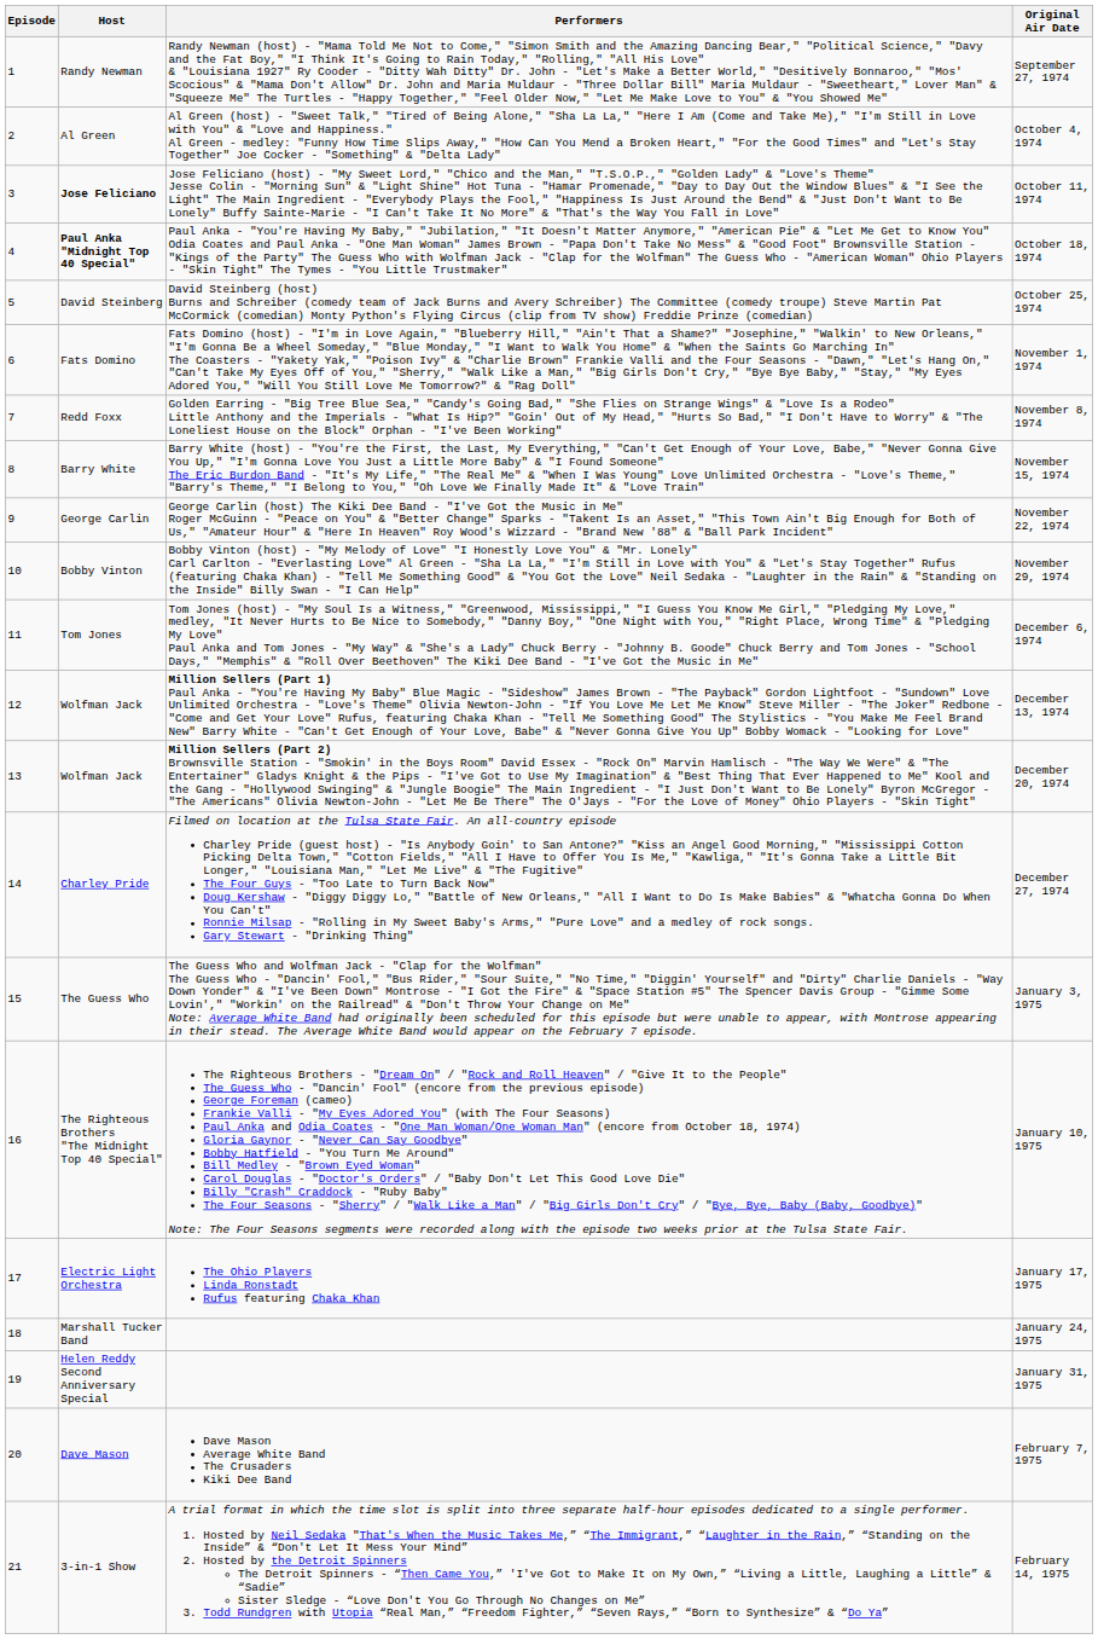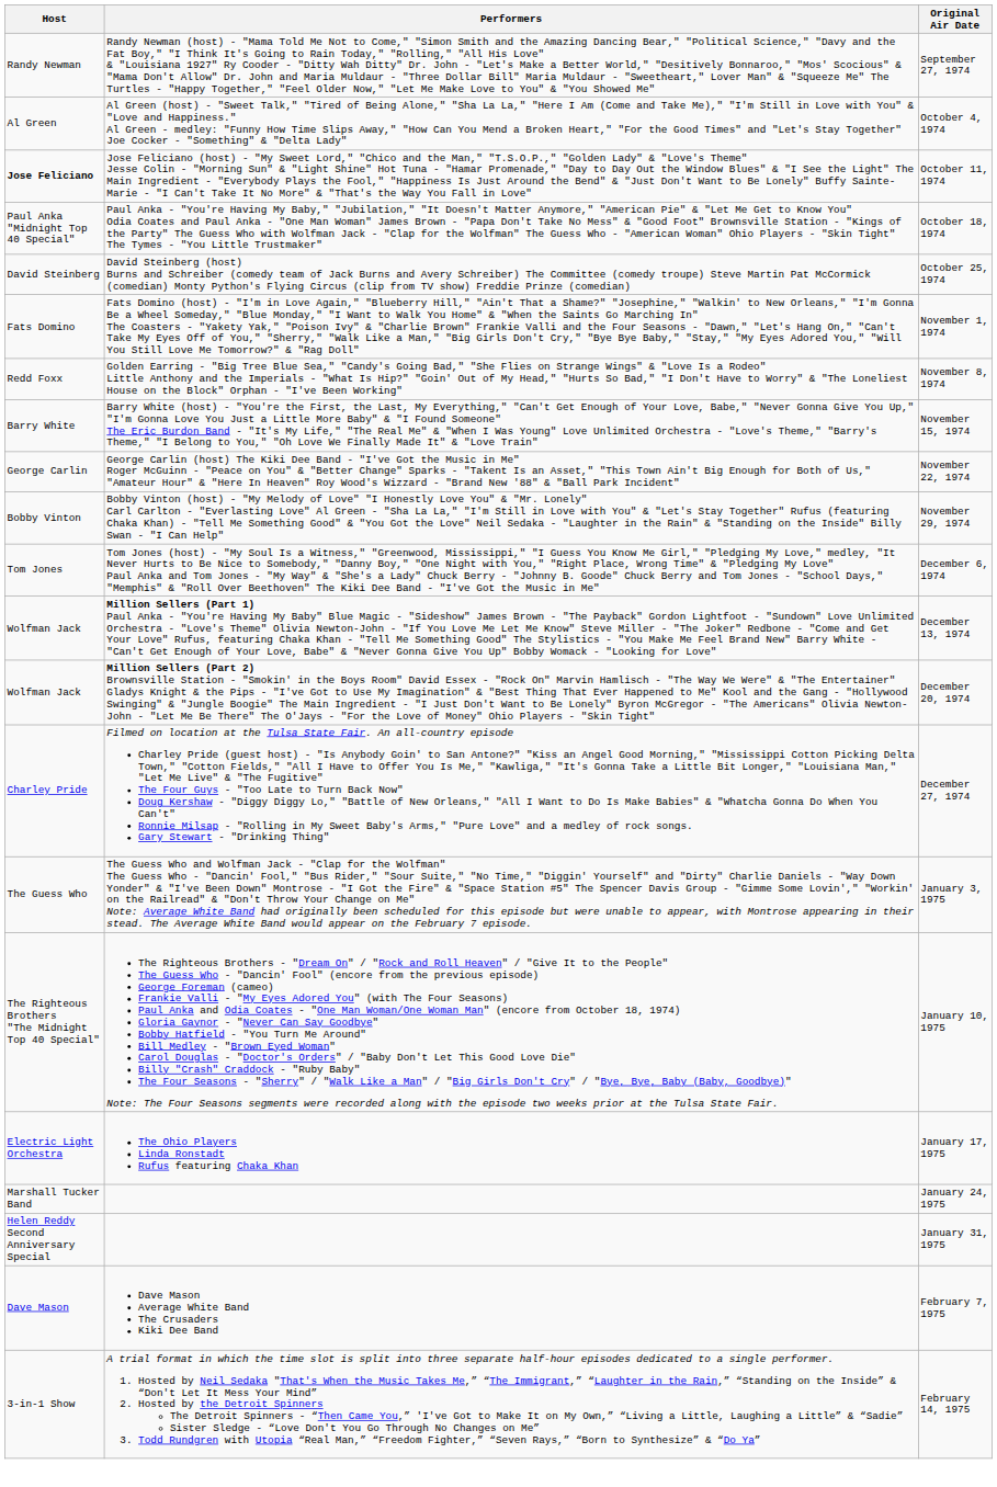 <table class="wikitable">
 <tr>
-<th>Episode</th>
 <th>Host</th>
 <th>Performers</th>
 <th>Original Air Date</th>
 </tr>
 <tr>
-<td>1</td>
 <td>Randy Newman</td>
 <td>Randy Newman (host) - "Mama Told Me Not to Come," "Simon Smith and the Amazing Dancing Bear," "Political Science," "Davy and the Fat Boy," "I Think It's Going to Rain Today," "Rolling," "All His Love"<br>& "Louisiana 1927"  Ry Cooder - "Ditty Wah Ditty" Dr. John - "Let's Make a Better World," "Desitively Bonnaroo," "Mos' Scocious" & "Mama Don't Allow"  Dr. John and Maria Muldaur - "Three Dollar Bill"  Maria Muldaur - "Sweetheart," Lover Man" & "Squeeze Me"  The Turtles - "Happy Together," "Feel Older Now," "Let Me Make Love to You" & "You Showed Me"</td>
 <td>September 27, 1974</td>
 </tr>
 <tr>
-<td>2</td>
 <td>Al Green</td>
 <td>Al Green (host) - "Sweet Talk," "Tired of Being Alone," "Sha La La," "Here I Am (Come and Take Me)," "I'm Still in Love with You" & "Love and Happiness."<br>Al Green - medley: "Funny How Time Slips Away," "How Can You Mend a Broken Heart," "For the Good Times" and "Let's Stay Together"  Joe Cocker - "Something" & "Delta Lady"</td>
 <td>October 4, 1974</td>
 </tr>
 <tr>
-<td>3</td>
 <td><strong>Jose Feliciano</strong></td>
 <td>Jose Feliciano (host) - "My Sweet Lord," "Chico and the Man," "T.S.O.P.," "Golden Lady" & "Love's Theme"<br>Jesse Colin - "Morning Sun" & "Light Shine"  Hot Tuna - "Hamar Promenade," "Day to Day Out the Window Blues" & "I See the Light"  The Main Ingredient - "Everybody Plays the Fool," "Happiness Is Just Around the Bend" & "Just Don't Want to Be Lonely"  Buffy Sainte-Marie - "I Can't Take It No More" & "That's the Way You Fall in Love"</td>
 <td>October 11, 1974</td>
 </tr>
 <tr>
-<td>4</td>
-<td><strong>Paul Anka<br>"Midnight Top 40 Special"</strong></td>
+<td>Paul Anka<br>"Midnight Top 40 Special"</td>
 <td>Paul Anka - "You're Having My Baby," "Jubilation," "It Doesn't Matter Anymore," "American Pie" & "Let Me Get to Know You"<br>Odia Coates and Paul Anka - "One Man Woman"  James Brown - "Papa Don't Take No Mess" & "Good Foot"  Brownsville Station - "Kings of the Party"  The Guess Who with Wolfman Jack - "Clap for the Wolfman"  The Guess Who - "American Woman"  Ohio Players - "Skin Tight"  The Tymes - "You Little Trustmaker"</td>
 <td>October 18, 1974</td>
 </tr>
 <tr>
-<td>5</td>
 <td>David Steinberg</td>
 <td>David Steinberg (host)<br>Burns and Schreiber (comedy team of Jack Burns and Avery Schreiber)  The Committee (comedy troupe)  Steve Martin  Pat McCormick (comedian)  Monty Python's Flying Circus (clip from TV show)  Freddie Prinze (comedian)</td>
 <td>October 25, 1974</td>
 </tr>
 <tr>
-<td>6</td>
 <td>Fats Domino</td>
 <td>Fats Domino (host) - "I'm in Love Again," "Blueberry Hill," "Ain't That a Shame?" "Josephine," "Walkin' to New Orleans," "I'm Gonna Be a Wheel Someday," "Blue Monday," "I Want to Walk You Home" & "When the Saints Go Marching In"<br>The Coasters - "Yakety Yak," "Poison Ivy" & "Charlie Brown"  Frankie Valli and the Four Seasons - "Dawn," "Let's Hang On," "Can't Take My Eyes Off of You," "Sherry," "Walk Like a Man," "Big Girls Don't Cry," "Bye Bye Baby," "Stay," "My Eyes Adored You," "Will You Still Love Me Tomorrow?" & "Rag Doll"</td>
 <td>November 1, 1974</td>
 </tr>
 <tr>
-<td>7</td>
 <td>Redd Foxx</td>
 <td>Golden Earring - "Big Tree Blue Sea," "Candy's Going Bad," "She Flies on Strange Wings" & "Love Is a Rodeo"<br>Little Anthony and the Imperials - "What Is Hip?" "Goin' Out of My Head," "Hurts So Bad," "I Don't Have to Worry" & "The Loneliest House on the Block"  Orphan - "I've Been Working"</td>
 <td>November 8, 1974</td>
 </tr>
 <tr>
-<td>8</td>
 <td>Barry White</td>
 <td>Barry White (host) - "You're the First, the Last, My Everything," "Can't Get Enough of Your Love, Babe," "Never Gonna Give You Up," "I'm Gonna Love You Just a Little More Baby" & "I Found Someone"<br><a href='#'>The Eric Burdon Band</a> - "It's My Life," "The Real Me" & "When I Was Young"  Love Unlimited Orchestra - "Love's Theme," "Barry's Theme," "I Belong to You," "Oh Love We Finally Made It" & "Love Train"</td>
 <td>November 15, 1974</td>
 </tr>
 <tr>
-<td>9</td>
 <td>George Carlin</td>
 <td>George Carlin (host) The Kiki Dee Band - "I've Got the Music in Me"<br>Roger McGuinn - "Peace on You" & "Better Change"  Sparks - "Takent Is an Asset," "This Town Ain't Big Enough for Both of Us," "Amateur Hour" & "Here In Heaven"  Roy Wood's Wizzard - "Brand New '88" & "Ball Park Incident"</td>
 <td>November 22, 1974</td>
 </tr>
 <tr>
-<td>10</td>
 <td>Bobby Vinton</td>
 <td>Bobby Vinton (host) - "My Melody of Love" "I Honestly Love You" & "Mr. Lonely"<br>Carl Carlton - "Everlasting Love"  Al Green - "Sha La La," "I'm Still in Love with You" & "Let's Stay Together"  Rufus (featuring Chaka Khan) - "Tell Me Something Good" & "You Got the Love"  Neil Sedaka - "Laughter in the Rain" & "Standing on the Inside"  Billy Swan - "I Can Help"</td>
 <td>November 29, 1974</td>
 </tr>
 <tr>
-<td>11</td>
 <td>Tom Jones</td>
 <td>Tom Jones (host) - "My Soul Is a Witness," "Greenwood, Mississippi," "I Guess You Know Me Girl," "Pledging My Love," medley, "It Never Hurts to Be Nice to Somebody," "Danny Boy," "One Night with You," "Right Place, Wrong Time" & "Pledging My Love"<br>Paul Anka and Tom Jones - "My Way" & "She's a Lady"  Chuck Berry - "Johnny B. Goode"  Chuck Berry and Tom Jones - "School Days," "Memphis" & "Roll Over Beethoven"  The Kiki Dee Band - "I've Got the Music in Me"</td>
 <td>December 6, 1974</td>
 </tr>
 <tr>
-<td>12</td>
 <td>Wolfman Jack</td>
 <td><strong>Million Sellers (Part 1)</strong><br>Paul Anka - "You're Having My Baby"  Blue Magic - "Sideshow"  James Brown - "The Payback"  Gordon Lightfoot - "Sundown"  Love Unlimited Orchestra - "Love's Theme"  Olivia Newton-John - "If You Love Me Let Me Know"  Steve Miller - "The Joker"  Redbone - "Come and Get Your Love"  Rufus, featuring Chaka Khan - "Tell Me Something Good"  The Stylistics - "You Make Me Feel Brand New"  Barry White - "Can't Get Enough of Your Love, Babe" & "Never Gonna Give You Up"  Bobby Womack - "Looking for Love"</td>
 <td>December 13, 1974</td>
 </tr>
 <tr>
-<td>13</td>
 <td>Wolfman Jack</td>
 <td><strong>Million Sellers (Part 2)</strong><br>Brownsville Station - "Smokin' in the Boys Room"  David Essex - "Rock On"  Marvin Hamlisch - "The Way We Were" & "The Entertainer"  Gladys Knight & the Pips - "I've Got to Use My Imagination" & "Best Thing That Ever Happened to Me"  Kool and the Gang - "Hollywood Swinging" & "Jungle Boogie"  The Main Ingredient - "I Just Don't Want to Be Lonely"  Byron McGregor - "The Americans"  Olivia Newton-John - "Let Me Be There"  The O'Jays - "For the Love of Money"  Ohio Players - "Skin Tight"</td>
 <td>December 20, 1974</td>
 </tr>
 <tr>
-<td>14</td>
 <td><a href='#'>Charley Pride</a></td>
 <td><em>Filmed on location at the <a href='#'>Tulsa State Fair</a>. An all-country episode</em><br><ul><li>Charley Pride (guest host) - "Is Anybody Goin' to San Antone?" "Kiss an Angel Good Morning," "Mississippi Cotton Picking Delta Town," "Cotton Fields," "All I Have to Offer You Is Me," "Kawliga," "It's Gonna Take a Little Bit Longer," "Louisiana Man," "Let Me Live" & "The Fugitive"</li><li><a href='#'>The Four Guys</a> - "Too Late to Turn Back Now"</li><li><a href='#'>Doug Kershaw</a> - "Diggy Diggy Lo," "Battle of New Orleans," "All I Want to Do Is Make Babies" & "Whatcha Gonna Do When You Can't"</li><li><a href='#'>Ronnie Milsap</a> - "Rolling in My Sweet Baby's Arms," "Pure Love" and a medley of rock songs.</li><li><a href='#'>Gary Stewart</a> - "Drinking Thing"</li></ul></td>
 <td>December 27, 1974</td>
 </tr>
 <tr>
-<td>15</td>
 <td>The Guess Who</td>
 <td>The Guess Who and Wolfman Jack - "Clap for the Wolfman"<br>The Guess Who - "Dancin' Fool," "Bus Rider," "Sour Suite," "No Time," "Diggin' Yourself" and "Dirty"  Charlie Daniels - "Way Down Yonder" & "I've Been Down"  Montrose - "I Got the Fire" & "Space Station #5"  The Spencer Davis Group - "Gimme Some Lovin'," "Workin' on the Railread" & "Don't Throw Your Change on Me"<br><em>Note: <a href='#'>Average White Band</a> had originally been scheduled for this episode but were unable to appear, with Montrose appearing in their stead. The Average White Band would appear on the February 7 episode.</em></td>
 <td>January 3, 1975</td>
 </tr>
 <tr>
-<td>16</td>
 <td>The Righteous Brothers<br>"The Midnight Top 40 Special"</td>
 <td><br><ul><li>The Righteous Brothers - "<a href='#'>Dream On</a>" / "<a href='#'>Rock and Roll Heaven</a>" / "Give It to the People"</li><li><a href='#'>The Guess Who</a> - "Dancin' Fool" (encore from the previous episode)</li><li><a href='#'>George Foreman</a> (cameo)</li><li><a href='#'>Frankie Valli</a> - "<a href='#'>My Eyes Adored You</a>" (with The Four Seasons)</li><li><a href='#'>Paul Anka</a> and <a href='#'>Odia Coates</a> - "<a href='#'>One Man Woman/One Woman Man</a>" (encore from October 18, 1974)</li><li><a href='#'>Gloria Gaynor</a> - "<a href='#'>Never Can Say Goodbye</a>"</li><li><a href='#'>Bobby Hatfield</a> - "You Turn Me Around"</li><li><a href='#'>Bill Medley</a> - "<a href='#'>Brown Eyed Woman</a>"</li><li><a href='#'>Carol Douglas</a> - "<a href='#'>Doctor's Orders</a>" / "Baby Don't Let This Good Love Die"</li><li><a href='#'>Billy "Crash" Craddock</a> - "Ruby Baby"</li><li><a href='#'>The Four Seasons</a> - "<a href='#'>Sherry</a>" / "<a href='#'>Walk Like a Man</a>" / "<a href='#'>Big Girls Don't Cry</a>" / "<a href='#'>Bye, Bye, Baby (Baby, Goodbye)</a>"</li></ul><em>Note: The Four Seasons segments were recorded along with the episode two weeks prior at the Tulsa State Fair.</em></td>
 <td>January 10, 1975</td>
 </tr>
 <tr>
-<td>17</td>
 <td><a href='#'>Electric Light Orchestra</a></td>
 <td><br><ul><li><a href='#'>The Ohio Players</a></li><li><a href='#'>Linda Ronstadt</a></li><li><a href='#'>Rufus</a> featuring <a href='#'>Chaka Khan</a></li></ul></td>
 <td>January 17, 1975</td>
 </tr>
 <tr>
-<td>18</td>
 <td>Marshall Tucker Band</td>
 <td></td>
 <td>January 24, 1975</td>
 </tr>
 <tr>
-<td>19</td>
 <td><a href='#'>Helen Reddy</a><br>Second Anniversary Special</td>
 <td></td>
 <td>January 31, 1975</td>
 </tr>
 <tr>
-<td>20</td>
 <td><a href='#'>Dave Mason</a></td>
 <td><br><ul><li>Dave Mason</li><li>Average White Band</li><li>The Crusaders</li><li>Kiki Dee Band</li></ul></td>
 <td>February 7, 1975</td>
 </tr>
 <tr>
-<td>21</td>
 <td>3-in-1 Show</td>
 <td><em>A trial format in which the time slot is split into three separate half-hour episodes dedicated to a single performer.</em><br><ol><li>Hosted by <a href='#'>Neil Sedaka</a> "<a href='#'>That's When the Music Takes Me</a>,” “<a href='#'>The Immigrant</a>,” “<a href='#'>Laughter in the Rain</a>,” “Standing on the Inside” & “Don't Let It Mess Your Mind”</li><li>Hosted by <a href='#'>the Detroit Spinners</a><ul><li>The Detroit Spinners - “<a href='#'>Then Came You</a>,” 'I've Got to Make It on My Own,” “Living a Little, Laughing a Little” & “Sadie”</li><li>Sister Sledge - “Love Don't You Go Through No Changes on Me”</li></ul></li><li><a href='#'>Todd Rundgren</a> with <a href='#'>Utopia</a>  “Real Man,” “Freedom Fighter,” “Seven Rays,” “Born to Synthesize” & “<a href='#'>Do Ya</a>”</li></ol></td>
 <td>February 14, 1975</td>
 </tr>
 </table>
